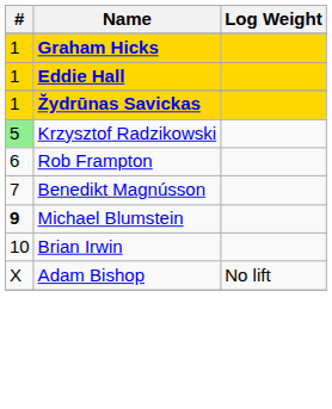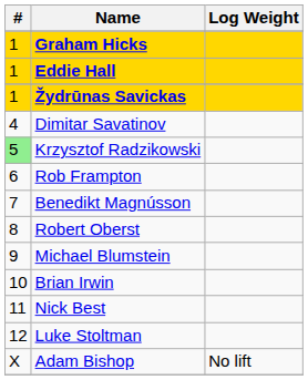 <table class="wikitable" style="display: inline-table">
 <tr>
 <th>#</th>
 <th>Name</th>
 <th>Log Weight</th>
 </tr>
 <tr>
 </tr>
 <tr style="background:gold;">
 <td>1</td>
 <td> <strong><a href='#'>Graham Hicks</a></strong></td>
 <td></td>
 </tr>
 <tr>
 </tr>
 <tr style="background:gold;">
 <td>1</td>
 <td> <strong><a href='#'>Eddie Hall</a></strong></td>
 <td></td>
 </tr>
 <tr>
 </tr>
 <tr style="background:gold;">
 <td>1</td>
 <td> <strong><a href='#'>Žydrūnas Savickas</a></strong></td>
 <td></td>
 </tr>
 <tr>
+<td>4</td>
+<td> <a href='#'>Dimitar Savatinov</a></td>
+<td></td>
+</tr>
+<tr>
 <td style="background: lightgreen;">5</td>
 <td> <a href='#'>Krzysztof Radzikowski</a></td>
 <td></td>
 </tr>
 <tr>
 <td>6</td>
 <td> <a href='#'>Rob Frampton</a></td>
 <td></td>
 </tr>
 <tr>
 <td>7</td>
 <td> <a href='#'>Benedikt Magnússon</a></td>
 <td></td>
 </tr>
 <tr>
-<td><strong>9</strong></td>
+<td>8</td>
+<td> <a href='#'>Robert Oberst</a></td>
+<td></td>
+</tr>
+<tr>
+<td>9</td>
 <td> <a href='#'>Michael Blumstein</a></td>
 <td></td>
 </tr>
 <tr>
 <td>10</td>
 <td> <a href='#'>Brian Irwin</a></td>
+<td></td>
+</tr>
+<tr>
+<td>11</td>
+<td> <a href='#'>Nick Best</a></td>
+<td></td>
+</tr>
+<tr>
+<td>12</td>
+<td> <a href='#'>Luke Stoltman</a></td>
 <td></td>
 </tr>
 <tr>
 <td>X</td>
 <td> <a href='#'>Adam Bishop</a></td>
 <td>No lift</td>
 </tr>
 <tr>
 </tr>
 </table>
